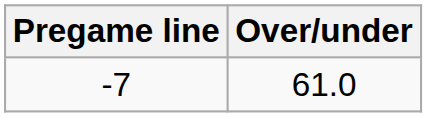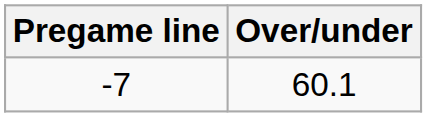 <table class="wikitable" style="margin-left: auto; margin-right: auto; border: none; display: inline-table;">
 <tr align="center">
 <th style=>Pregame line</th>
 <th style=>Over/under</th>
 </tr>
 <tr align="center">
 <td>-7</td>
-<td>61.0</td>
+<td>60.1</td>
 </tr>
 </table>
